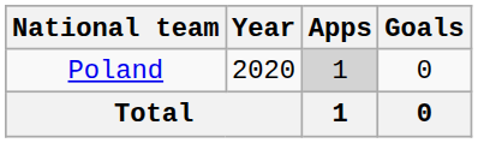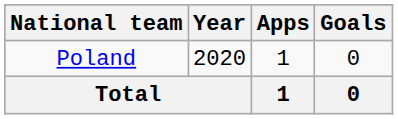 <table class="wikitable" style="text-align:center">
 <tr>
 <th>National team</th>
 <th>Year</th>
 <th>Apps</th>
 <th>Goals</th>
 </tr>
 <tr>
 <td rowspan="1"><a href='#'>Poland</a></td>
 <td>2020</td>
-<td style="background: lightgrey;">1</td>
+<td>1</td>
 <td>0</td>
 </tr>
 <tr>
 <th colspan="2">Total</th>
 <th>1</th>
 <th>0</th>
 </tr>
 </table>
